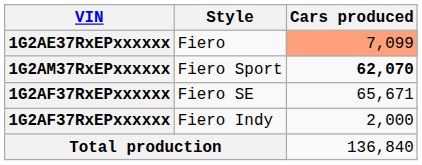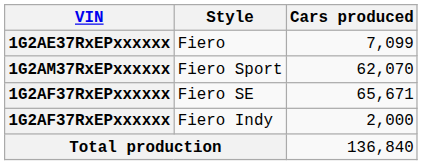 <table class="wikitable ">
 <tr>
 <th scope="col"><a href='#'>VIN</a></th>
 <th scope="col">Style</th>
 <th scope="col">Cars produced</th>
 </tr>
 <tr>
 <th scope="row">1G2AE37RxEPxxxxxx</th>
 <td>Fiero</td>
-<td style="background: lightsalmon; text-align:right;">7,099</td>
+<td style="text-align:right;">7,099</td>
 </tr>
 <tr>
 <th scope="row">1G2AM37RxEPxxxxxx</th>
 <td>Fiero Sport</td>
-<td style="text-align:right;"><strong>62,070</strong></td>
+<td style="text-align:right;">62,070</td>
 </tr>
 <tr>
 <th scope="row">1G2AF37RxEPxxxxxx</th>
 <td>Fiero SE</td>
 <td style="text-align:right;">65,671</td>
 </tr>
 <tr>
 <th scope="row">1G2AF37RxEPxxxxxx</th>
 <td>Fiero Indy</td>
 <td style="text-align:right;">2,000</td>
 </tr>
 <tr>
 <th scope="row" colspan="2">Total production</th>
 <td style="text-align:right;">136,840</td>
 </tr>
 </table>
